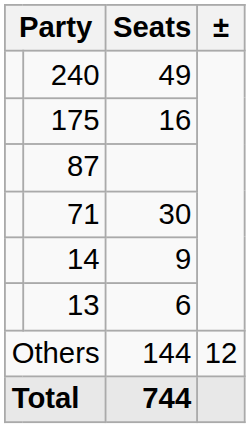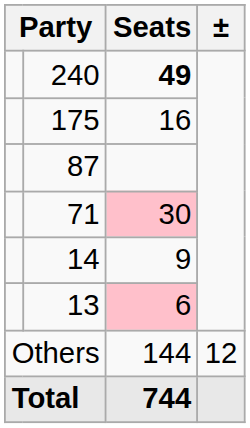 <table class="wikitable">
 <tr>
 <th colspan="2" rowspan="1" align="center" valign="top">Party</th>
 <th valign="top">Seats</th>
 <th valign="top" align=center>±</th>
 </tr>
 <tr>
 <td></td>
 <td align="right">240</td>
-<td align="right">49</td>
+<td align="right"><strong>49</strong></td>
 </tr>
 <tr>
 <td></td>
 <td align="right">175</td>
 <td align="right">16</td>
 </tr>
 <tr>
 <td></td>
 <td align="right">87</td>
 <td align="right"></td>
 </tr>
 <tr>
 <td></td>
 <td align="right">71</td>
-<td align="right">30</td>
+<td align="right" style="background: pink;">30</td>
 </tr>
 <tr>
 <td></td>
 <td align="right">14</td>
 <td align="right">9</td>
 </tr>
 <tr>
 <td></td>
 <td align="right">13</td>
-<td align="right">6</td>
+<td align="right" style="background: pink;">6</td>
 </tr>
 <tr>
 <td colspan="2">Others</td>
 <td align="right">144</td>
 <td align="right">12</td>
 </tr>
 <tr style="font-weight:bold; background:rgb(232,232,232);">
 <td colspan="2">Total</td>
 <td align="right">744</td>
 <td align="right"></td>
 </tr>
 </table>
